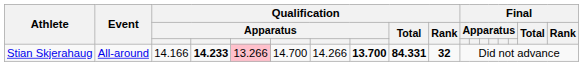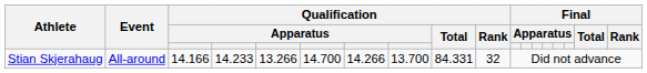 <table class="wikitable" style="font-size:90%">
 <tr>
 <th rowspan=3>Athlete</th>
 <th rowspan=3>Event</th>
 <th colspan =8>Qualification</th>
 <th colspan =8>Final</th>
 </tr>
 <tr style="font-size:95%">
 <th colspan=6>Apparatus</th>
 <th rowspan=2>Total</th>
 <th rowspan=2>Rank</th>
 <th colspan=6>Apparatus</th>
 <th rowspan=2>Total</th>
 <th rowspan=2>Rank</th>
 </tr>
 <tr style="font-size:95%">
 <th></th>
 <th></th>
 <th></th>
 <th></th>
 <th></th>
 <th></th>
 <th></th>
 <th></th>
 <th></th>
 <th></th>
 <th></th>
 <th></th>
 </tr>
 <tr align=center>
 <td align=left><a href='#'>Stian Skjerahaug</a></td>
 <td align=left><a href='#'>All-around</a></td>
 <td>14.166</td>
-<td><strong>14.233</strong></td>
-<td style="background: pink;">13.266</td>
+<td>14.233</td>
+<td>13.266</td>
 <td>14.700</td>
 <td>14.266</td>
-<td><strong>13.700</strong></td>
-<td><strong>84.331</strong></td>
-<td><strong>32</strong></td>
+<td>13.700</td>
+<td>84.331</td>
+<td>32</td>
 <td colspan=8>Did not advance</td>
 </tr>
 </table>
